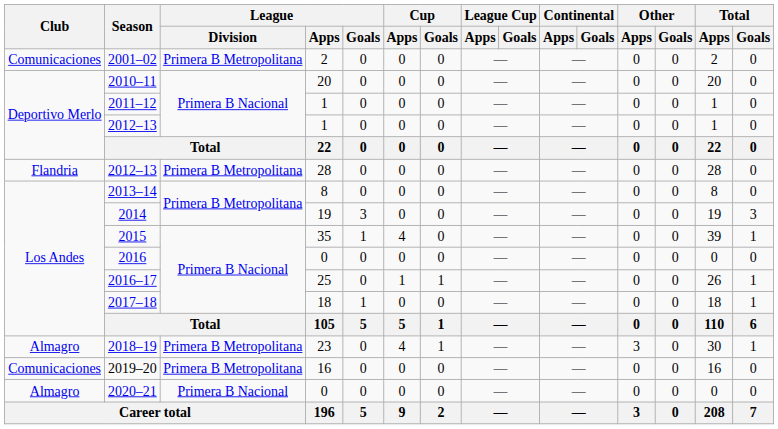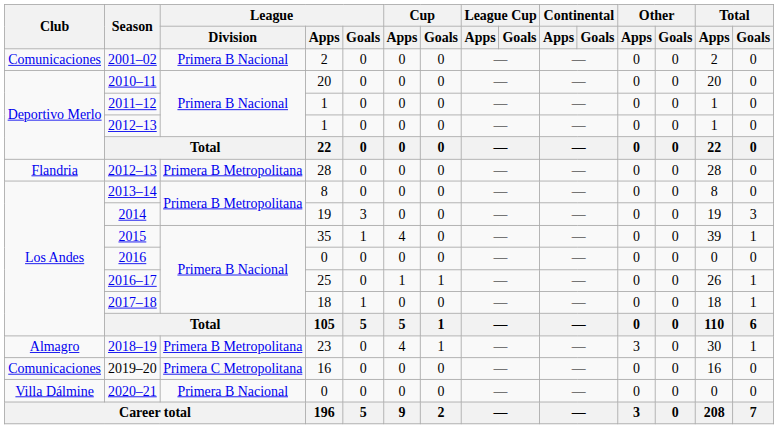 <table class="wikitable" style="text-align:center">
 <tr>
 <th rowspan="2">Club</th>
 <th rowspan="2">Season</th>
 <th colspan="3">League</th>
 <th colspan="2">Cup</th>
 <th colspan="2">League Cup</th>
 <th colspan="2">Continental</th>
 <th colspan="2">Other</th>
 <th colspan="2">Total</th>
 </tr>
 <tr>
 <th>Division</th>
 <th>Apps</th>
 <th>Goals</th>
 <th>Apps</th>
 <th>Goals</th>
 <th>Apps</th>
 <th>Goals</th>
 <th>Apps</th>
 <th>Goals</th>
 <th>Apps</th>
 <th>Goals</th>
 <th>Apps</th>
 <th>Goals</th>
 </tr>
 <tr>
 <td rowspan="1"><a href='#'>Comunicaciones</a></td>
 <td><a href='#'>2001–02</a></td>
-<td rowspan="1"><a href='#'>Primera B Metropolitana</a></td>
+<td rowspan="1"><a href='#'>Primera B Nacional</a></td>
 <td>2</td>
 <td>0</td>
 <td>0</td>
 <td>0</td>
 <td colspan="2">—</td>
 <td colspan="2">—</td>
 <td>0</td>
 <td>0</td>
 <td>2</td>
 <td>0</td>
 </tr>
 <tr>
 <td rowspan="4"><a href='#'>Deportivo Merlo</a></td>
 <td><a href='#'>2010–11</a></td>
 <td rowspan="3"><a href='#'>Primera B Nacional</a></td>
 <td>20</td>
 <td>0</td>
 <td>0</td>
 <td>0</td>
 <td colspan="2">—</td>
 <td colspan="2">—</td>
 <td>0</td>
 <td>0</td>
 <td>20</td>
 <td>0</td>
 </tr>
 <tr>
 <td><a href='#'>2011–12</a></td>
 <td>1</td>
 <td>0</td>
 <td>0</td>
 <td>0</td>
 <td colspan="2">—</td>
 <td colspan="2">—</td>
 <td>0</td>
 <td>0</td>
 <td>1</td>
 <td>0</td>
 </tr>
 <tr>
 <td><a href='#'>2012–13</a></td>
 <td>1</td>
 <td>0</td>
 <td>0</td>
 <td>0</td>
 <td colspan="2">—</td>
 <td colspan="2">—</td>
 <td>0</td>
 <td>0</td>
 <td>1</td>
 <td>0</td>
 </tr>
 <tr>
 <th colspan="2">Total</th>
 <th>22</th>
 <th>0</th>
 <th>0</th>
 <th>0</th>
 <th colspan="2">—</th>
 <th colspan="2">—</th>
 <th>0</th>
 <th>0</th>
 <th>22</th>
 <th>0</th>
 </tr>
 <tr>
 <td rowspan="1"><a href='#'>Flandria</a></td>
 <td><a href='#'>2012–13</a></td>
 <td rowspan="1"><a href='#'>Primera B Metropolitana</a></td>
 <td>28</td>
 <td>0</td>
 <td>0</td>
 <td>0</td>
 <td colspan="2">—</td>
 <td colspan="2">—</td>
 <td>0</td>
 <td>0</td>
 <td>28</td>
 <td>0</td>
 </tr>
 <tr>
 <td rowspan="7"><a href='#'>Los Andes</a></td>
 <td><a href='#'>2013–14</a></td>
 <td rowspan="2"><a href='#'>Primera B Metropolitana</a></td>
 <td>8</td>
 <td>0</td>
 <td>0</td>
 <td>0</td>
 <td colspan="2">—</td>
 <td colspan="2">—</td>
 <td>0</td>
 <td>0</td>
 <td>8</td>
 <td>0</td>
 </tr>
 <tr>
 <td><a href='#'>2014</a></td>
 <td>19</td>
 <td>3</td>
 <td>0</td>
 <td>0</td>
 <td colspan="2">—</td>
 <td colspan="2">—</td>
 <td>0</td>
 <td>0</td>
 <td>19</td>
 <td>3</td>
 </tr>
 <tr>
 <td><a href='#'>2015</a></td>
 <td rowspan="4"><a href='#'>Primera B Nacional</a></td>
 <td>35</td>
 <td>1</td>
 <td>4</td>
 <td>0</td>
 <td colspan="2">—</td>
 <td colspan="2">—</td>
 <td>0</td>
 <td>0</td>
 <td>39</td>
 <td>1</td>
 </tr>
 <tr>
 <td><a href='#'>2016</a></td>
 <td>0</td>
 <td>0</td>
 <td>0</td>
 <td>0</td>
 <td colspan="2">—</td>
 <td colspan="2">—</td>
 <td>0</td>
 <td>0</td>
 <td>0</td>
 <td>0</td>
 </tr>
 <tr>
 <td><a href='#'>2016–17</a></td>
 <td>25</td>
 <td>0</td>
 <td>1</td>
 <td>1</td>
 <td colspan="2">—</td>
 <td colspan="2">—</td>
 <td>0</td>
 <td>0</td>
 <td>26</td>
 <td>1</td>
 </tr>
 <tr>
 <td><a href='#'>2017–18</a></td>
 <td>18</td>
 <td>1</td>
 <td>0</td>
 <td>0</td>
 <td colspan="2">—</td>
 <td colspan="2">—</td>
 <td>0</td>
 <td>0</td>
 <td>18</td>
 <td>1</td>
 </tr>
 <tr>
 <th colspan="2">Total</th>
 <th>105</th>
 <th>5</th>
 <th>5</th>
 <th>1</th>
 <th colspan="2">—</th>
 <th colspan="2">—</th>
 <th>0</th>
 <th>0</th>
 <th>110</th>
 <th>6</th>
 </tr>
 <tr>
 <td rowspan="1"><a href='#'>Almagro</a></td>
 <td><a href='#'>2018–19</a></td>
 <td rowspan="1"><a href='#'>Primera B Metropolitana</a></td>
 <td>23</td>
 <td>0</td>
 <td>4</td>
 <td>1</td>
 <td colspan="2">—</td>
 <td colspan="2">—</td>
 <td>3</td>
 <td>0</td>
 <td>30</td>
 <td>1</td>
 </tr>
 <tr>
 <td rowspan="1"><a href='#'>Comunicaciones</a></td>
 <td>2019–20</td>
-<td rowspan="1"><a href='#'>Primera B Metropolitana</a></td>
+<td rowspan="1"><a href='#'>Primera C Metropolitana</a></td>
 <td>16</td>
 <td>0</td>
 <td>0</td>
 <td>0</td>
 <td colspan="2">—</td>
 <td colspan="2">—</td>
 <td>0</td>
 <td>0</td>
 <td>16</td>
 <td>0</td>
 </tr>
 <tr>
-<td rowspan="1"><a href='#'>Almagro</a></td>
+<td rowspan="1"><a href='#'>Villa Dálmine</a></td>
 <td><a href='#'>2020–21</a></td>
 <td rowspan="1"><a href='#'>Primera B Nacional</a></td>
 <td>0</td>
 <td>0</td>
 <td>0</td>
 <td>0</td>
 <td colspan="2">—</td>
 <td colspan="2">—</td>
 <td>0</td>
 <td>0</td>
 <td>0</td>
 <td>0</td>
 </tr>
 <tr>
 <th colspan="3">Career total</th>
 <th>196</th>
 <th>5</th>
 <th>9</th>
 <th>2</th>
 <th colspan="2">—</th>
 <th colspan="2">—</th>
 <th>3</th>
 <th>0</th>
 <th>208</th>
 <th>7</th>
 </tr>
 </table>
